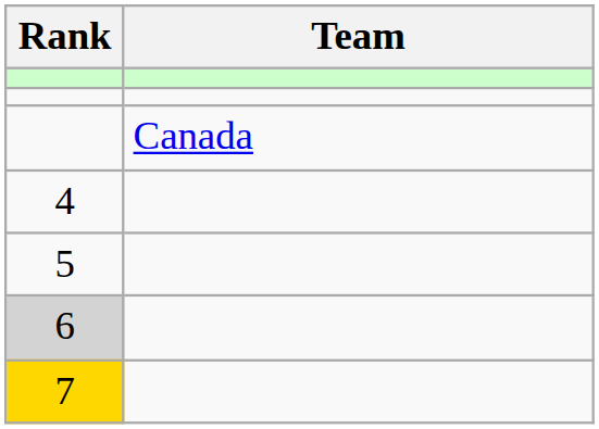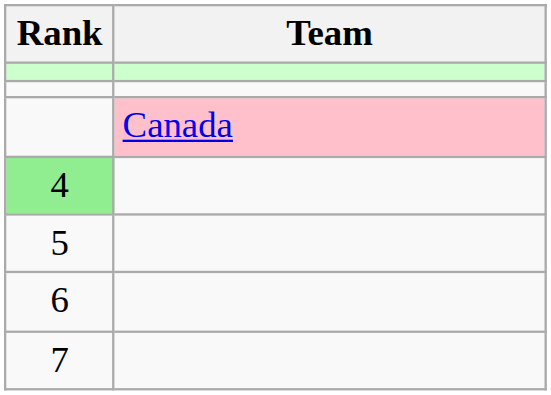 <table class="wikitable" style="text-align: center;">
 <tr>
 <th width=40>Rank</th>
 <th width=180>Team</th>
 </tr>
 <tr align=center bgcolor="#cfc">
 <td></td>
 <td style="text-align:left;"></td>
 </tr>
 <tr align=center>
 <td></td>
 <td style="text-align:left;"></td>
 </tr>
 <tr align=center>
 <td></td>
-<td style="text-align:left;"> <a href='#'>Canada</a></td>
+<td style="background: pink; text-align:left;"> <a href='#'>Canada</a></td>
 </tr>
 <tr align=center>
-<td>4</td>
+<td style="background: lightgreen;">4</td>
 <td style="text-align:left;"></td>
 </tr>
 <tr align=center>
 <td>5</td>
 <td style="text-align:left;"></td>
 </tr>
 <tr align=center>
-<td style="background: lightgrey;">6</td>
+<td>6</td>
 <td style="text-align:left;"></td>
 </tr>
 <tr align=center>
-<td style="background: gold;">7</td>
+<td>7</td>
 <td style="text-align:left;"></td>
 </tr>
 </table>
